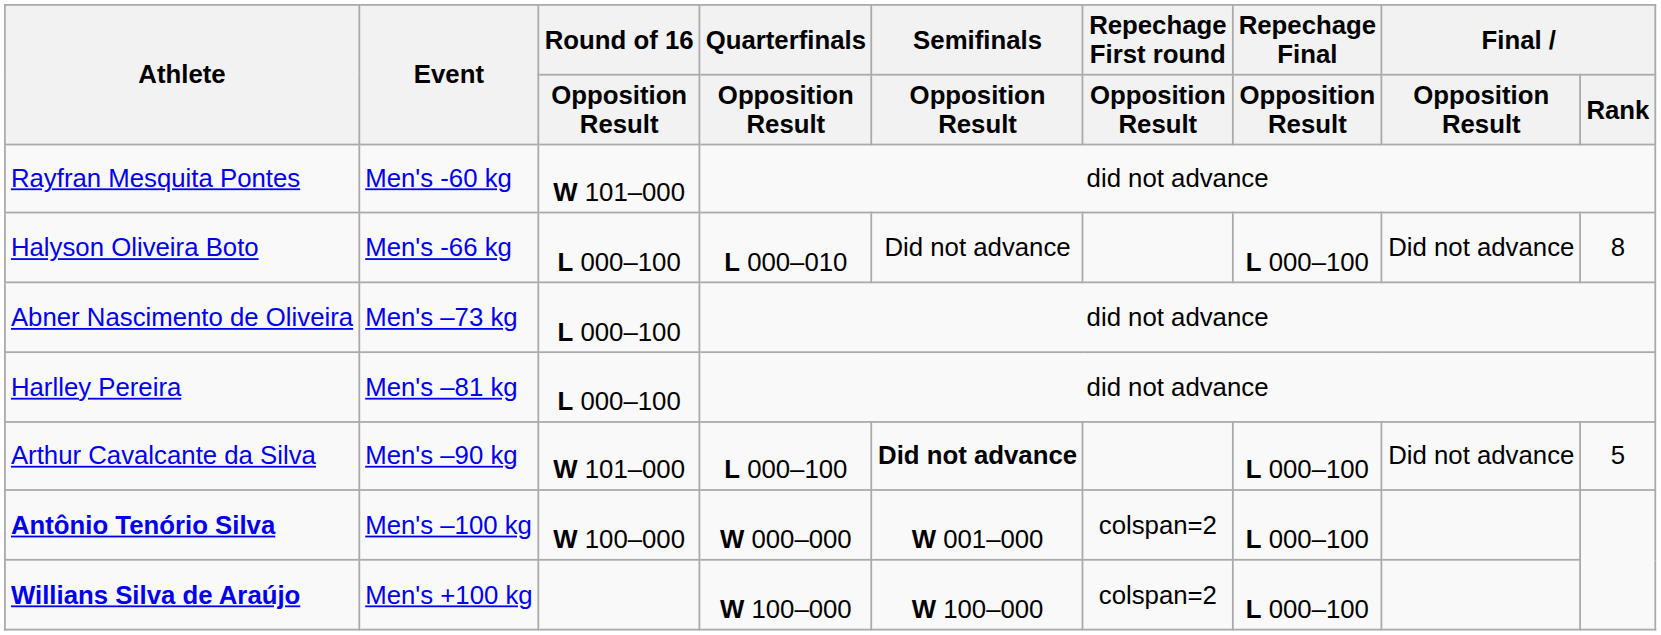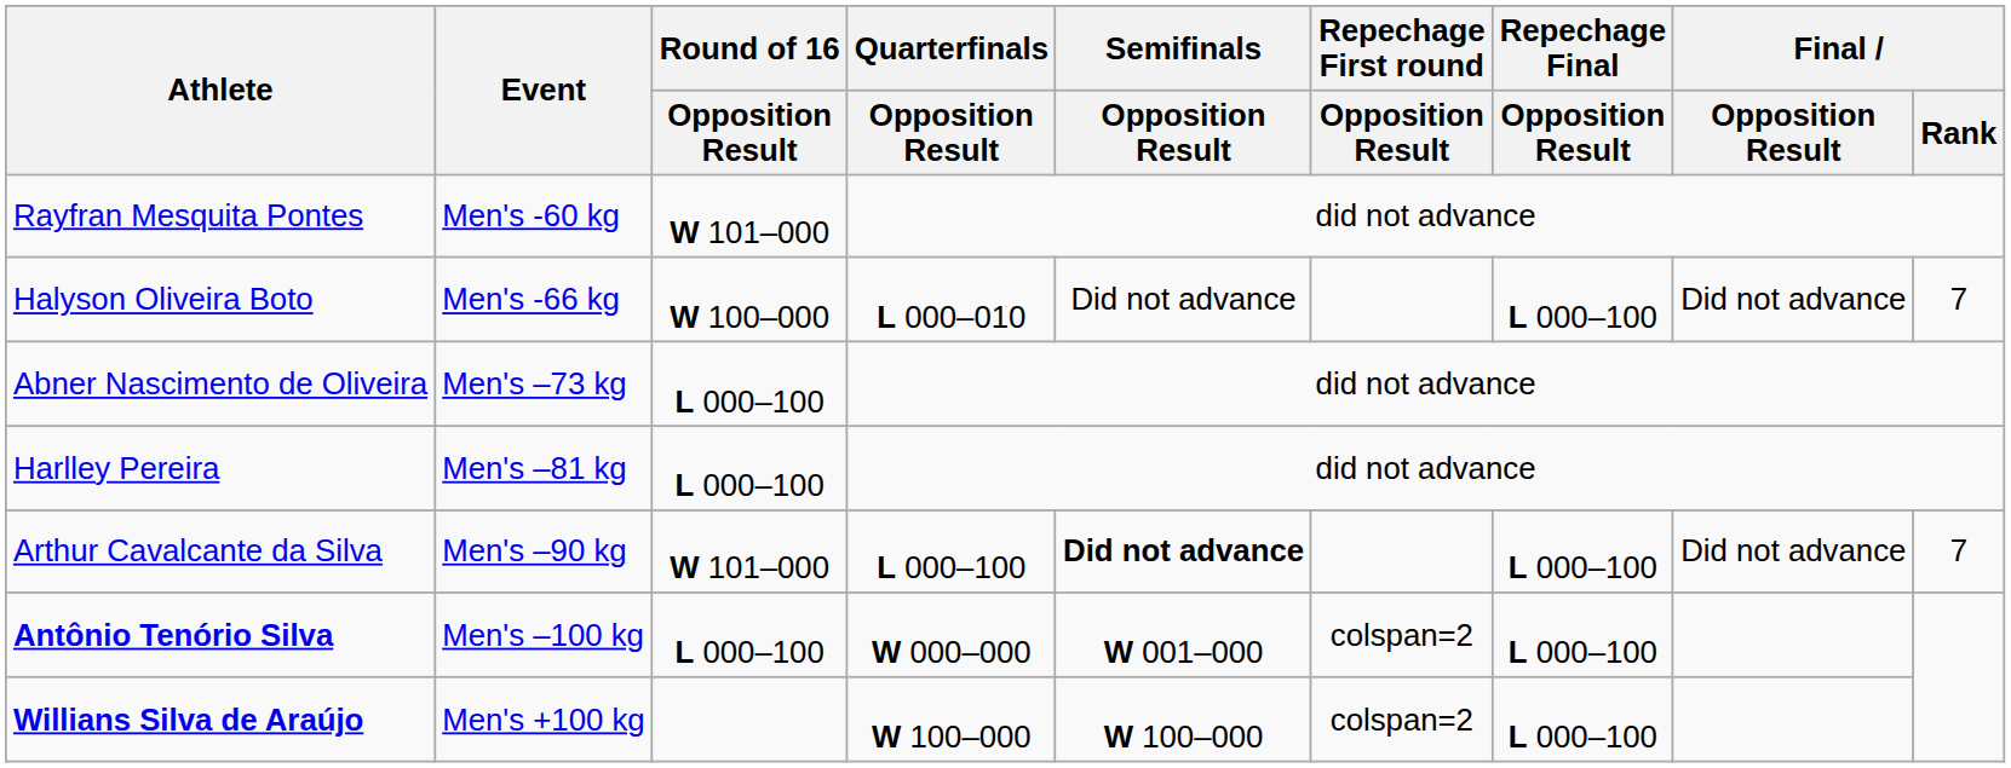 <table class="wikitable" style="font-size:90%">
 <tr>
 <th rowspan="2">Athlete</th>
 <th rowspan="2">Event</th>
 <th>Round of 16</th>
 <th>Quarterfinals</th>
 <th>Semifinals</th>
 <th>Repechage<br>First round</th>
 <th>Repechage<br>Final</th>
 <th colspan="2">Final / </th>
 </tr>
 <tr>
 <th>Opposition<br>Result</th>
 <th>Opposition<br>Result</th>
 <th>Opposition<br>Result</th>
 <th>Opposition<br>Result</th>
 <th>Opposition<br>Result</th>
 <th>Opposition<br>Result</th>
 <th>Rank</th>
 </tr>
 <tr align=center>
 <td align=left><a href='#'>Rayfran Mesquita Pontes</a></td>
 <td align=left><a href='#'>Men's -60 kg</a></td>
 <td><br> <strong>W</strong> 101–000</td>
 <td colspan="6">did not advance</td>
 </tr>
 <tr align=center>
 <td align=left><a href='#'>Halyson Oliveira Boto</a></td>
 <td align=left><a href='#'>Men's -66 kg</a></td>
-<td><br> <strong>L</strong> 000–100</td>
+<td><br> <strong>W</strong> 100–000</td>
 <td><br> <strong>L</strong> 000–010</td>
 <td>Did not advance</td>
 <td></td>
 <td><br> <strong>L</strong> 000–100</td>
 <td>Did not advance</td>
-<td>8</td>
+<td>7</td>
 </tr>
 <tr align=center>
 <td align=left><a href='#'>Abner Nascimento de Oliveira</a></td>
 <td align=left><a href='#'>Men's –73 kg</a></td>
 <td><br> <strong>L</strong> 000–100</td>
 <td colspan="6">did not advance</td>
 </tr>
 <tr align=center>
 <td align=left><a href='#'>Harlley Pereira</a></td>
 <td align=left><a href='#'>Men's –81 kg</a></td>
 <td><br> <strong>L</strong> 000–100</td>
 <td colspan="6">did not advance</td>
 </tr>
 <tr align=center>
 <td align=left><a href='#'>Arthur Cavalcante da Silva</a></td>
 <td align=left><a href='#'>Men's –90 kg</a></td>
 <td><br> <strong>W</strong> 101–000</td>
 <td><br> <strong>L</strong> 000–100</td>
 <td><strong>Did not advance</strong></td>
 <td></td>
 <td><br> <strong>L</strong> 000–100</td>
 <td>Did not advance</td>
-<td>5</td>
+<td>7</td>
 </tr>
 <tr align=center>
 <td align=left><strong><a href='#'>Antônio Tenório Silva</a></strong></td>
 <td align=left><a href='#'>Men's –100 kg</a></td>
-<td><br> <strong>W</strong> 100–000</td>
+<td><br> <strong>L</strong> 000–100</td>
 <td><br> <strong>W</strong> 000–000 </td>
 <td><br> <strong>W</strong> 001–000</td>
 <td>colspan=2 </td>
 <td><br> <strong>L</strong> 000–100</td>
 <td></td>
 </tr>
 <tr align=center>
 <td align=left><strong><a href='#'>Willians Silva de Araújo</a></strong></td>
 <td align=left><a href='#'>Men's +100 kg</a></td>
 <td></td>
 <td><br> <strong>W</strong> 100–000</td>
 <td><br> <strong>W</strong> 100–000</td>
 <td>colspan=2 </td>
 <td><br> <strong>L</strong> 000–100</td>
 <td></td>
 </tr>
 </table>
